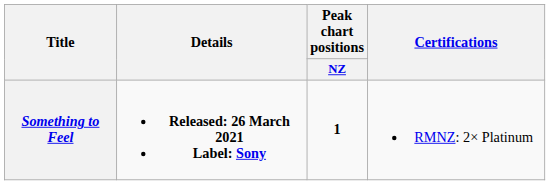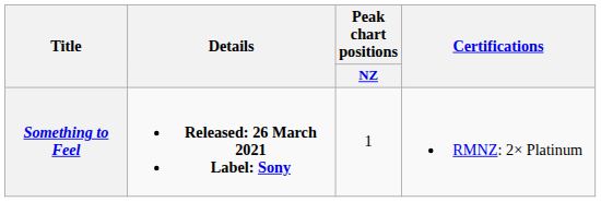 <table class="wikitable plainrowheaders" style=text-align:center;>
 <tr>
 <th scope="col" rowspan="2">Title</th>
 <th scope="col" rowspan="2">Details</th>
 <th scope="col">Peak chart positions</th>
 <th scope="col" rowspan="2" style="width:12em;"><a href='#'>Certifications</a></th>
 </tr>
 <tr>
 <th scope="col" style="width:2.5em;font-size:90%;"><a href='#'>NZ</a><br></th>
 </tr>
 <tr>
 <th scope="row"><em><a href='#'>Something to Feel</a></em></th>
 <td><strong><br><ul><li>Released: 26 March 2021</li><li>Label: <a href='#'>Sony</a></li></ul></strong></td>
-<td><strong>1</strong></td>
+<td>1</td>
 <td><br><ul><li><a href='#'>RMNZ</a>: 2× Platinum</li></ul></td>
 </tr>
 </table>
